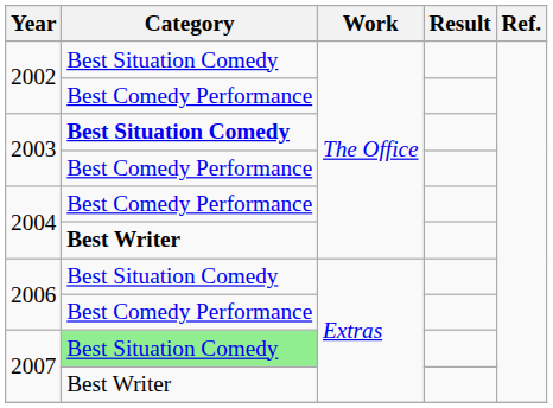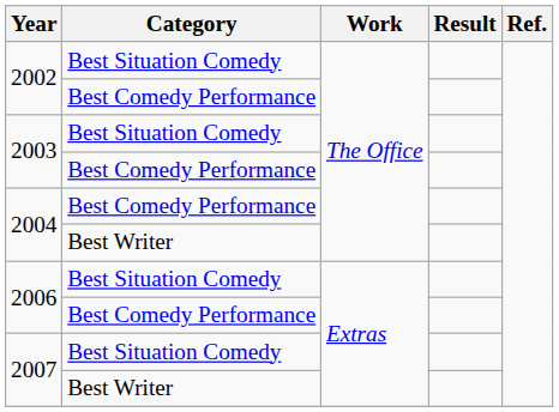 <table class="wikitable">
 <tr>
 <th>Year</th>
 <th>Category</th>
 <th>Work</th>
 <th>Result</th>
 <th>Ref.</th>
 </tr>
 <tr>
 <td rowspan=2>2002</td>
 <td><a href='#'>Best Situation Comedy</a></td>
 <td rowspan=6><em><a href='#'>The Office</a></em></td>
 <td></td>
 <td rowspan=10></td>
 </tr>
 <tr>
 <td><a href='#'>Best Comedy Performance</a></td>
 <td></td>
 </tr>
 <tr>
 <td rowspan=2>2003</td>
-<td><strong><a href='#'>Best Situation Comedy</a></strong></td>
+<td><a href='#'>Best Situation Comedy</a></td>
 <td></td>
 </tr>
 <tr>
 <td><a href='#'>Best Comedy Performance</a></td>
 <td></td>
 </tr>
 <tr>
 <td rowspan=2>2004</td>
 <td><a href='#'>Best Comedy Performance</a></td>
 <td></td>
 </tr>
 <tr>
-<td><strong>Best Writer</strong></td>
+<td>Best Writer</td>
 <td></td>
 </tr>
 <tr>
 <td rowspan=2>2006</td>
 <td><a href='#'>Best Situation Comedy</a></td>
 <td rowspan=4><em><a href='#'>Extras</a></em></td>
 <td></td>
 </tr>
 <tr>
 <td><a href='#'>Best Comedy Performance</a></td>
 <td></td>
 </tr>
 <tr>
 <td rowspan=2>2007</td>
-<td style="background: lightgreen;"><a href='#'>Best Situation Comedy</a></td>
+<td><a href='#'>Best Situation Comedy</a></td>
 <td></td>
 </tr>
 <tr>
 <td>Best Writer</td>
 <td></td>
 </tr>
 <tr>
 </tr>
 </table>
